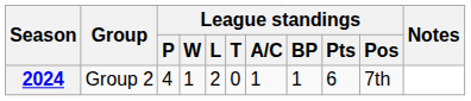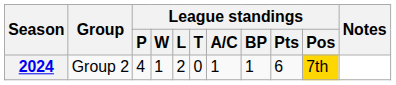 <table class="wikitable sortable">
 <tr>
 <th scope="col" rowspan="2">Season</th>
 <th scope="col" rowspan="2">Group</th>
 <th scope="col" colspan="8">League standings</th>
 <th scope="col" rowspan="2">Notes</th>
 </tr>
 <tr>
 <th scope="col">P</th>
 <th scope="col">W</th>
 <th scope="col">L</th>
 <th scope="col">T</th>
 <th scope="col">A/C</th>
 <th scope="col">BP</th>
 <th scope="col">Pts</th>
 <th scope="col">Pos</th>
 </tr>
 <tr>
 <th scope="row"><a href='#'>2024</a></th>
 <td>Group 2</td>
 <td>4</td>
 <td>1</td>
 <td>2</td>
 <td>0</td>
 <td>1</td>
 <td>1</td>
 <td>6</td>
-<td>7th</td>
+<td style="background: gold;">7th</td>
 <td style="background: white;"></td>
 </tr>
 </table>
